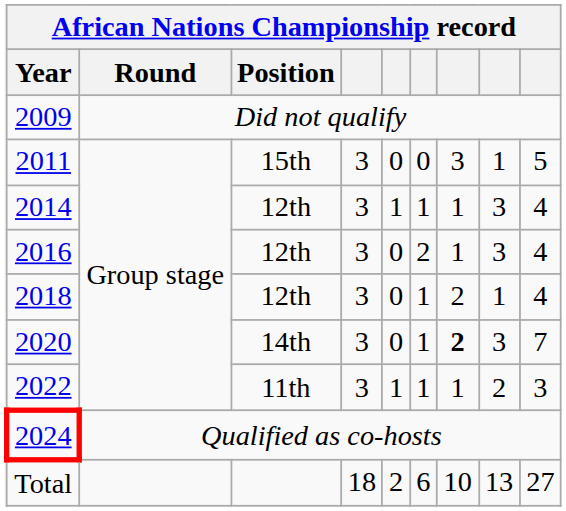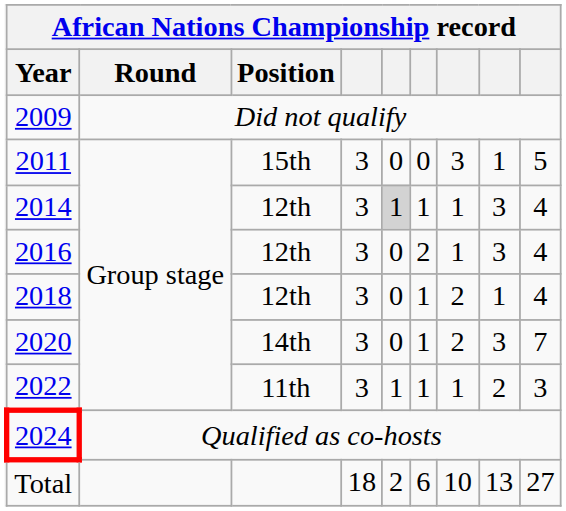 <table class="wikitable" style="text-align: center;">
 <tr>
 <th colspan=9><a href='#'>African Nations Championship</a> record</th>
 </tr>
 <tr>
 <th>Year</th>
 <th>Round</th>
 <th>Position</th>
 <th></th>
 <th></th>
 <th></th>
 <th></th>
 <th></th>
 <th></th>
 </tr>
 <tr>
 <td> <a href='#'>2009</a></td>
 <td colspan="8"><em>Did not qualify</em></td>
 </tr>
 <tr>
 <td> <a href='#'>2011</a></td>
 <td rowspan="6">Group stage</td>
 <td>15th</td>
 <td>3</td>
 <td>0</td>
 <td>0</td>
 <td>3</td>
 <td>1</td>
 <td>5</td>
 </tr>
 <tr>
 <td> <a href='#'>2014</a></td>
 <td>12th</td>
 <td>3</td>
-<td>1</td>
+<td style="background: lightgrey;">1</td>
 <td>1</td>
 <td>1</td>
 <td>3</td>
 <td>4</td>
 </tr>
 <tr>
 <td> <a href='#'>2016</a></td>
 <td>12th</td>
 <td>3</td>
 <td>0</td>
 <td>2</td>
 <td>1</td>
 <td>3</td>
 <td>4</td>
 </tr>
 <tr>
 <td> <a href='#'>2018</a></td>
 <td>12th</td>
 <td>3</td>
 <td>0</td>
 <td>1</td>
 <td>2</td>
 <td>1</td>
 <td>4</td>
 </tr>
 <tr>
 <td> <a href='#'>2020</a></td>
 <td>14th</td>
 <td>3</td>
 <td>0</td>
 <td>1</td>
-<td><strong>2</strong></td>
+<td>2</td>
 <td>3</td>
 <td>7</td>
 </tr>
 <tr>
 <td> <a href='#'>2022</a></td>
 <td>11th</td>
 <td>3</td>
 <td>1</td>
 <td>1</td>
 <td>1</td>
 <td>2</td>
 <td>3</td>
 </tr>
 <tr>
 <td style="border: 3px solid red"> <a href='#'>2024</a></td>
 <td colspan="8"><em>Qualified as co-hosts</em></td>
 </tr>
 <tr>
 <td>Total</td>
 <td></td>
 <td></td>
 <td>18</td>
 <td>2</td>
 <td>6</td>
 <td>10</td>
 <td>13</td>
 <td>27</td>
 </tr>
 </table>
